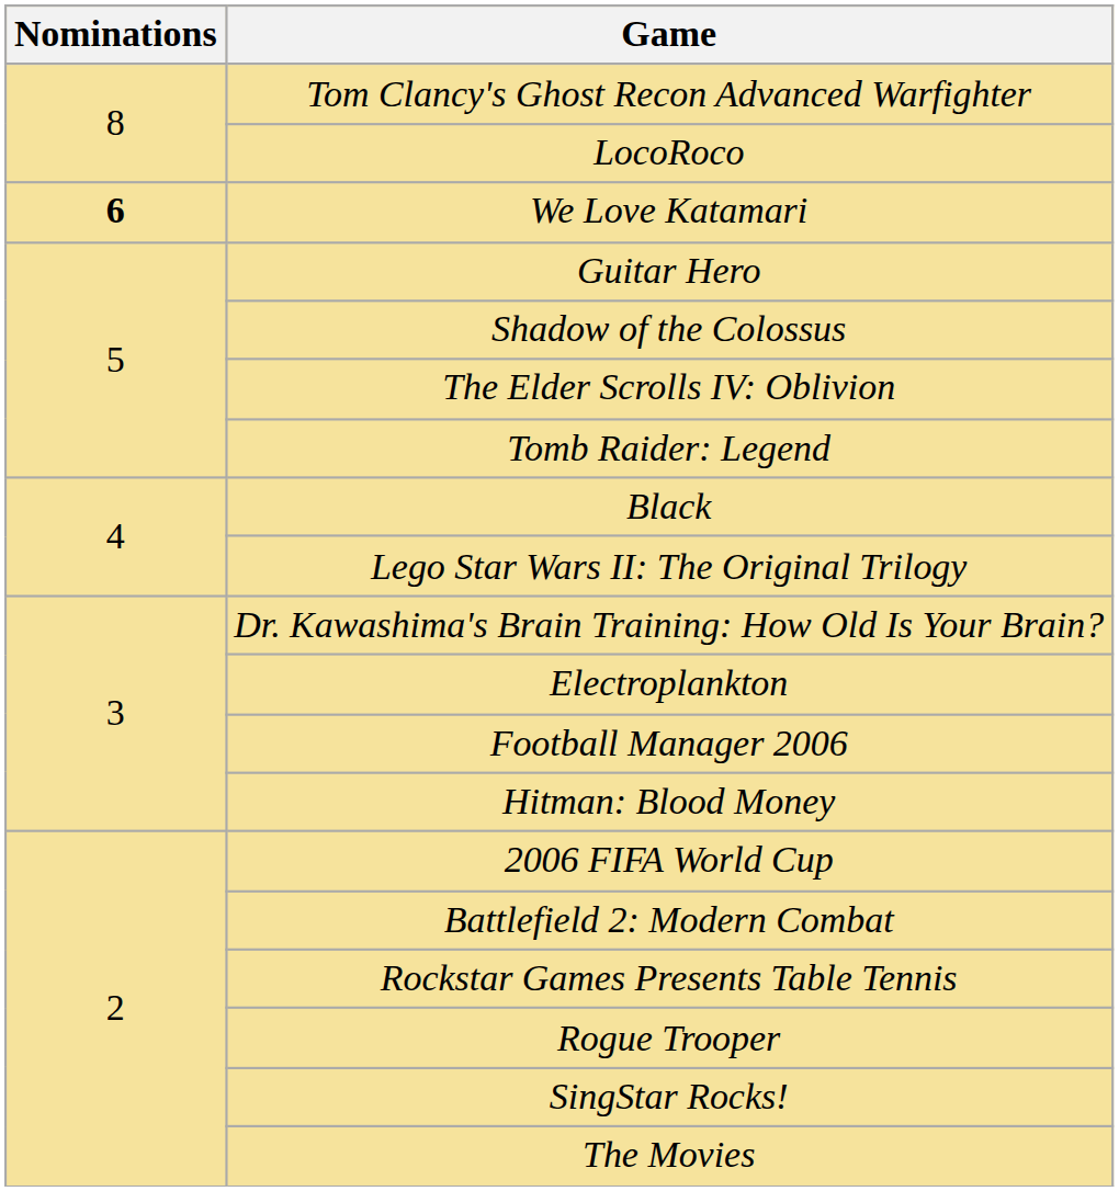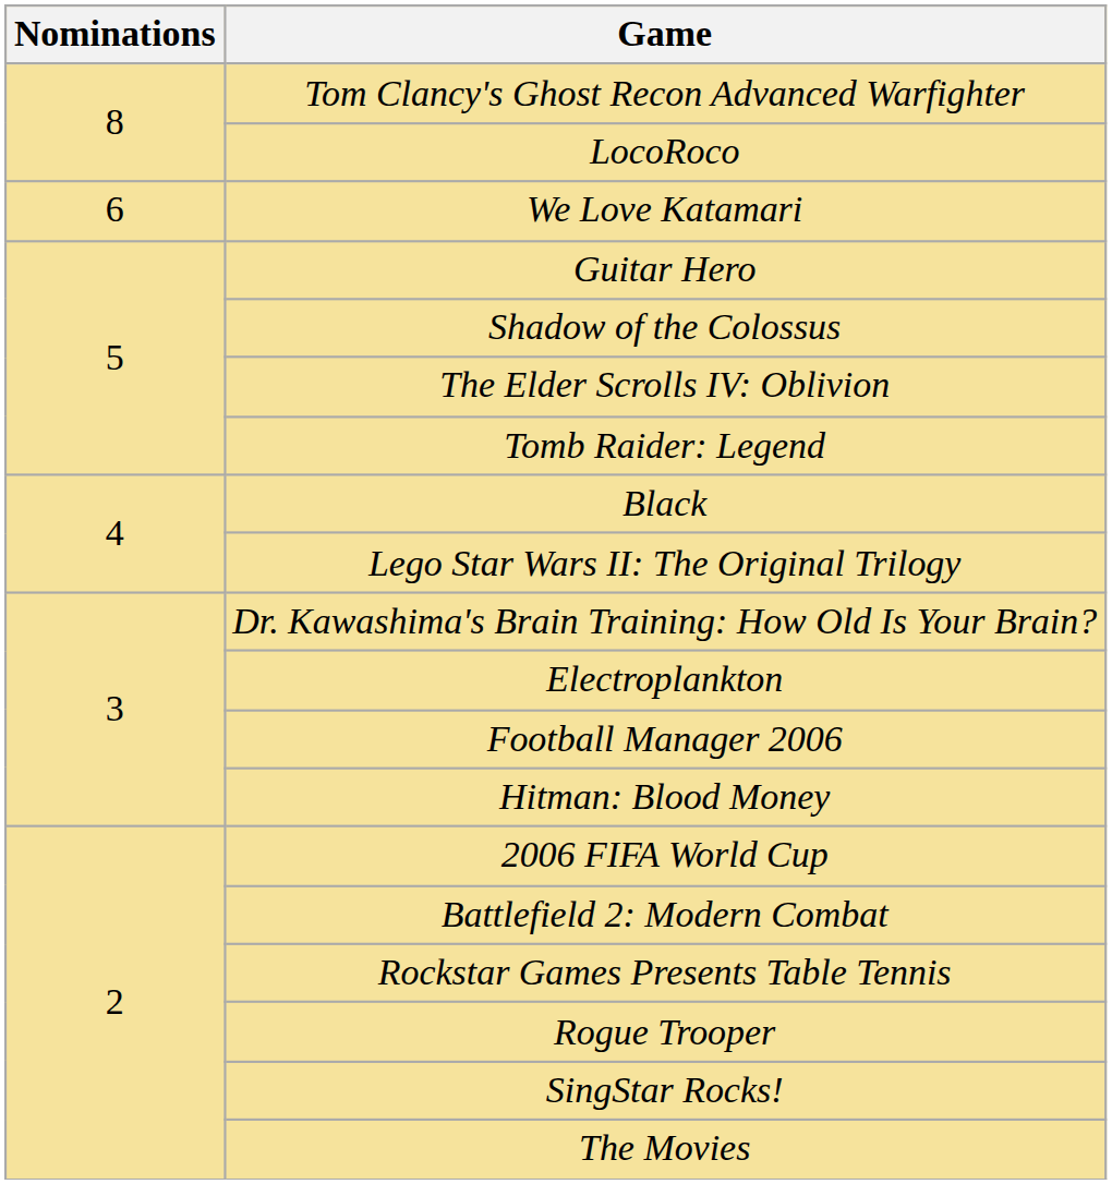 <table class="wikitable" rowspan=2 style="text-align: center; background: #f6e39c">
 <tr>
 <th scope="col" width="55">Nominations</th>
 <th scope="col" align="center">Game</th>
 </tr>
 <tr>
 <td rowspan=2 style="text-align:center">8</td>
 <td><em>Tom Clancy's Ghost Recon Advanced Warfighter</em></td>
 </tr>
 <tr>
 <td><em>LocoRoco</em></td>
 </tr>
 <tr>
-<td style="text-align:center"><strong>6</strong></td>
+<td style="text-align:center">6</td>
 <td><em>We Love Katamari</em></td>
 </tr>
 <tr>
 <td rowspan=4 style="text-align:center">5</td>
 <td><em>Guitar Hero</em></td>
 </tr>
 <tr>
 <td><em>Shadow of the Colossus</em></td>
 </tr>
 <tr>
 <td><em>The Elder Scrolls IV: Oblivion</em></td>
 </tr>
 <tr>
 <td><em>Tomb Raider: Legend</em></td>
 </tr>
 <tr>
 <td rowspan=2 style="text-align:center">4</td>
 <td><em>Black</em></td>
 </tr>
 <tr>
 <td><em>Lego Star Wars II: The Original Trilogy</em></td>
 </tr>
 <tr>
 <td rowspan=4 style="text-align:center">3</td>
 <td><em>Dr. Kawashima's Brain Training: How Old Is Your Brain?</em></td>
 </tr>
 <tr>
 <td><em>Electroplankton</em></td>
 </tr>
 <tr>
 <td><em>Football Manager 2006</em></td>
 </tr>
 <tr>
 <td><em>Hitman: Blood Money</em></td>
 </tr>
 <tr>
 <td rowspan=6 style="text-align:center">2</td>
 <td><em>2006 FIFA World Cup</em></td>
 </tr>
 <tr>
 <td><em>Battlefield 2: Modern Combat</em></td>
 </tr>
 <tr>
 <td><em>Rockstar Games Presents Table Tennis</em></td>
 </tr>
 <tr>
 <td><em>Rogue Trooper</em></td>
 </tr>
 <tr>
 <td><em>SingStar Rocks!</em></td>
 </tr>
 <tr>
 <td><em>The Movies</em></td>
 </tr>
 </table>
